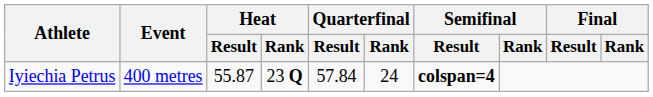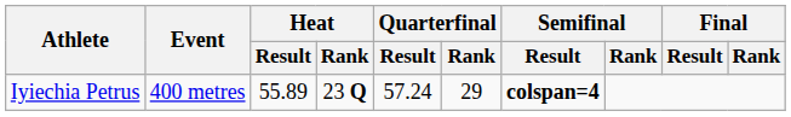 <table class=wikitable style=font-size:90%>
 <tr>
 <th rowspan=2>Athlete</th>
 <th rowspan=2>Event</th>
 <th colspan=2>Heat</th>
 <th colspan=2>Quarterfinal</th>
 <th colspan=2>Semifinal</th>
 <th colspan=2>Final</th>
 </tr>
 <tr style=font-size:95%>
 <th>Result</th>
 <th>Rank</th>
 <th>Result</th>
 <th>Rank</th>
 <th>Result</th>
 <th>Rank</th>
 <th>Result</th>
 <th>Rank</th>
 </tr>
 <tr align=center>
 <td align=left><a href='#'>Iyiechia Petrus</a></td>
 <td align=left><a href='#'>400 metres</a></td>
-<td>55.87</td>
+<td>55.89</td>
 <td>23 <strong>Q</strong></td>
-<td>57.84</td>
-<td>24</td>
+<td>57.24</td>
+<td>29</td>
 <td><strong>colspan=4 </strong></td>
 </tr>
 </table>
